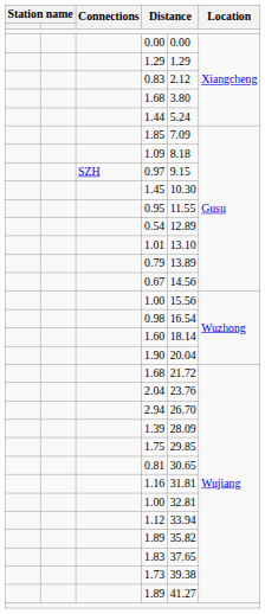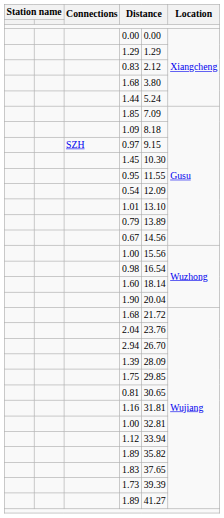 <table class="wikitable">
 <tr>
 <th colspan="2">Station name</th>
 <th rowspan="2">Connections</th>
 <th colspan="2" rowspan="2">Distance<br></th>
 <th rowspan="2">Location</th>
 </tr>
 <tr>
 <th></th>
 <th></th>
 </tr>
 <tr style="background:#">
 <td colspan = "8"></td>
 </tr>
 <tr>
 <td></td>
 <td></td>
 <td></td>
 <td>0.00</td>
 <td>0.00</td>
 <td rowspan="5"><a href='#'>Xiangcheng</a></td>
 </tr>
 <tr>
 <td></td>
 <td></td>
 <td></td>
 <td>1.29</td>
 <td>1.29</td>
 </tr>
 <tr>
 <td></td>
 <td></td>
 <td></td>
 <td>0.83</td>
 <td>2.12</td>
 </tr>
 <tr>
 <td></td>
 <td></td>
 <td></td>
 <td>1.68</td>
 <td>3.80</td>
 </tr>
 <tr>
 <td></td>
 <td></td>
 <td></td>
 <td>1.44</td>
 <td>5.24</td>
 </tr>
 <tr>
 <td></td>
 <td></td>
 <td></td>
 <td>1.85</td>
 <td>7.09</td>
 <td rowspan="9"><a href='#'>Gusu</a></td>
 </tr>
 <tr>
 <td></td>
 <td></td>
 <td></td>
 <td>1.09</td>
 <td>8.18</td>
 </tr>
 <tr>
 <td></td>
 <td></td>
 <td>  <a href='#'>SZH</a></td>
 <td>0.97</td>
 <td>9.15</td>
 </tr>
 <tr>
 <td></td>
 <td></td>
 <td></td>
 <td>1.45</td>
 <td>10.30</td>
 </tr>
 <tr>
 <td></td>
 <td></td>
 <td></td>
 <td>0.95</td>
 <td>11.55</td>
 </tr>
 <tr>
 <td></td>
 <td></td>
 <td></td>
 <td>0.54</td>
-<td>12.89</td>
+<td>12.09</td>
 </tr>
 <tr>
 <td></td>
 <td></td>
 <td></td>
 <td>1.01</td>
 <td>13.10</td>
 </tr>
 <tr>
 <td></td>
 <td></td>
 <td></td>
 <td>0.79</td>
 <td>13.89</td>
 </tr>
 <tr>
 <td></td>
 <td></td>
 <td></td>
 <td>0.67</td>
 <td>14.56</td>
 </tr>
 <tr>
 <td></td>
 <td></td>
 <td></td>
 <td>1.00</td>
 <td>15.56</td>
 <td rowspan="4"><a href='#'>Wuzhong</a></td>
 </tr>
 <tr>
 <td></td>
 <td></td>
 <td></td>
 <td>0.98</td>
 <td>16.54</td>
 </tr>
 <tr>
 <td></td>
 <td></td>
 <td></td>
 <td>1.60</td>
 <td>18.14</td>
 </tr>
 <tr>
 <td></td>
 <td></td>
 <td></td>
 <td>1.90</td>
 <td>20.04</td>
 </tr>
 <tr>
 <td></td>
 <td></td>
 <td></td>
 <td>1.68</td>
 <td>21.72</td>
 <td rowspan="13"><a href='#'>Wujiang</a></td>
 </tr>
 <tr>
 <td></td>
 <td></td>
 <td></td>
 <td>2.04</td>
 <td>23.76</td>
 </tr>
 <tr>
 <td></td>
 <td></td>
 <td></td>
 <td>2.94</td>
 <td>26.70</td>
 </tr>
 <tr>
 <td></td>
 <td></td>
 <td></td>
 <td>1.39</td>
 <td>28.09</td>
 </tr>
 <tr>
 <td></td>
 <td></td>
 <td></td>
 <td>1.75</td>
 <td>29.85</td>
 </tr>
 <tr>
 <td></td>
 <td></td>
 <td></td>
 <td>0.81</td>
 <td>30.65</td>
 </tr>
 <tr>
 <td></td>
 <td></td>
 <td></td>
 <td>1.16</td>
 <td>31.81</td>
 </tr>
 <tr>
 <td></td>
 <td></td>
 <td></td>
 <td>1.00</td>
 <td>32.81</td>
 </tr>
 <tr>
 <td></td>
 <td></td>
 <td></td>
 <td>1.12</td>
 <td>33.94</td>
 </tr>
 <tr>
 <td></td>
 <td></td>
 <td></td>
 <td>1.89</td>
 <td>35.82</td>
 </tr>
 <tr>
 <td></td>
 <td></td>
 <td></td>
 <td>1.83</td>
 <td>37.65</td>
 </tr>
 <tr>
 <td></td>
 <td></td>
 <td></td>
 <td>1.73</td>
-<td>39.38</td>
+<td>39.39</td>
 </tr>
 <tr>
 <td></td>
 <td></td>
 <td></td>
 <td>1.89</td>
 <td>41.27</td>
 </tr>
 <tr style="background:#">
 <td colspan = "8"></td>
 </tr>
 </table>
